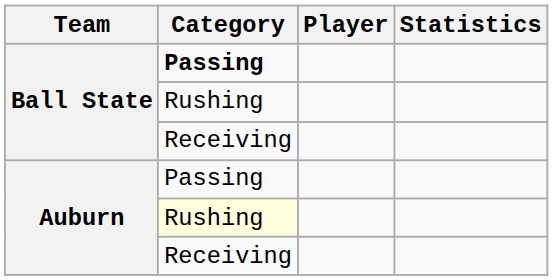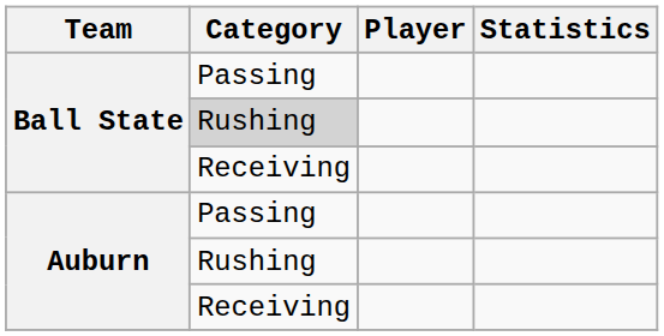 <table class="wikitable" style="float:right">
 <tr>
 <th>Team</th>
 <th>Category</th>
 <th>Player</th>
 <th>Statistics</th>
 </tr>
 <tr>
 <th rowspan=3>Ball State</th>
-<td><strong>Passing</strong></td>
+<td>Passing</td>
 <td></td>
 <td></td>
 </tr>
 <tr>
-<td>Rushing</td>
+<td style="background: lightgrey;">Rushing</td>
 <td></td>
 <td></td>
 </tr>
 <tr>
 <td>Receiving</td>
 <td></td>
 <td></td>
 </tr>
 <tr>
 <th rowspan=3>Auburn</th>
 <td>Passing</td>
 <td></td>
 <td></td>
 </tr>
 <tr>
-<td style="background: lightyellow;">Rushing</td>
+<td>Rushing</td>
 <td></td>
 <td></td>
 </tr>
 <tr>
 <td>Receiving</td>
 <td></td>
 <td></td>
 </tr>
 </table>
